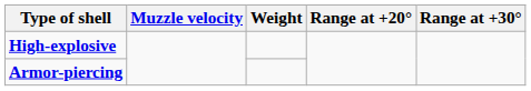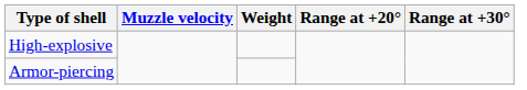 <table class="wikitable">
 <tr>
 <th>Type of shell</th>
 <th><a href='#'>Muzzle velocity</a></th>
 <th>Weight</th>
 <th>Range at +20°</th>
 <th>Range at +30°</th>
 </tr>
 <tr>
-<td><strong><a href='#'>High-explosive</a></strong></td>
+<td><a href='#'>High-explosive</a></td>
 <td rowspan=2></td>
 <td></td>
 <td rowspan=2></td>
 <td rowspan=2></td>
 </tr>
 <tr>
-<td><strong><a href='#'>Armor-piercing</a></strong></td>
+<td><a href='#'>Armor-piercing</a></td>
 <td></td>
 </tr>
 </table>
